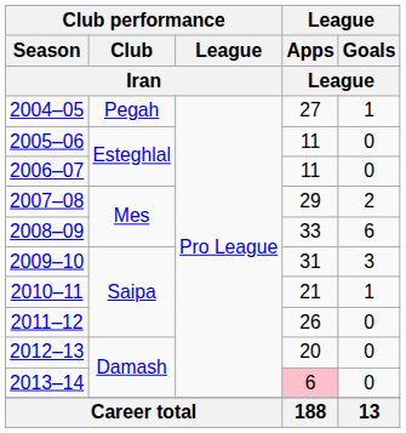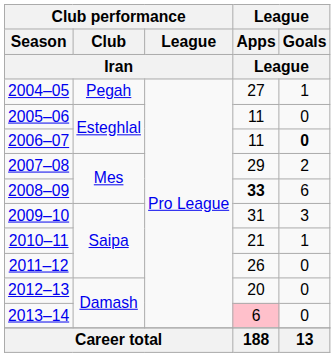 <table class="wikitable" style="text-align:center;">
 <tr>
 <th colspan=3>Club performance</th>
 <th colspan=2>League</th>
 </tr>
 <tr>
 <th>Season</th>
 <th>Club</th>
 <th>League</th>
 <th>Apps</th>
 <th>Goals</th>
 </tr>
 <tr>
 <th colspan=3>Iran</th>
 <th colspan=2>League</th>
 </tr>
 <tr>
 <td><a href='#'>2004–05</a></td>
 <td rowspan="1"><a href='#'>Pegah</a></td>
 <td rowspan="10"><a href='#'>Pro League</a></td>
 <td>27</td>
 <td>1</td>
 </tr>
 <tr>
 <td><a href='#'>2005–06</a></td>
 <td rowspan="2"><a href='#'>Esteghlal</a></td>
 <td>11</td>
 <td>0</td>
 </tr>
 <tr>
 <td><a href='#'>2006–07</a></td>
 <td>11</td>
-<td>0</td>
+<td><strong>0</strong></td>
 </tr>
 <tr>
 <td><a href='#'>2007–08</a></td>
 <td rowspan="2"><a href='#'>Mes</a></td>
 <td>29</td>
 <td>2</td>
 </tr>
 <tr>
 <td><a href='#'>2008–09</a></td>
-<td>33</td>
+<td><strong>33</strong></td>
 <td>6</td>
 </tr>
 <tr>
 <td><a href='#'>2009–10</a></td>
 <td rowspan="3"><a href='#'>Saipa</a></td>
 <td>31</td>
 <td>3</td>
 </tr>
 <tr>
 <td><a href='#'>2010–11</a></td>
 <td>21</td>
 <td>1</td>
 </tr>
 <tr>
 <td><a href='#'>2011–12</a></td>
 <td>26</td>
 <td>0</td>
 </tr>
 <tr>
 <td><a href='#'>2012–13</a></td>
 <td rowspan="2"><a href='#'>Damash</a></td>
 <td>20</td>
 <td>0</td>
 </tr>
 <tr>
 <td><a href='#'>2013–14</a></td>
 <td style="background: pink;">6</td>
 <td>0</td>
 </tr>
 <tr>
 </tr>
 <tr>
 <th colspan=3>Career total</th>
 <th>188</th>
 <th>13</th>
 </tr>
 </table>
